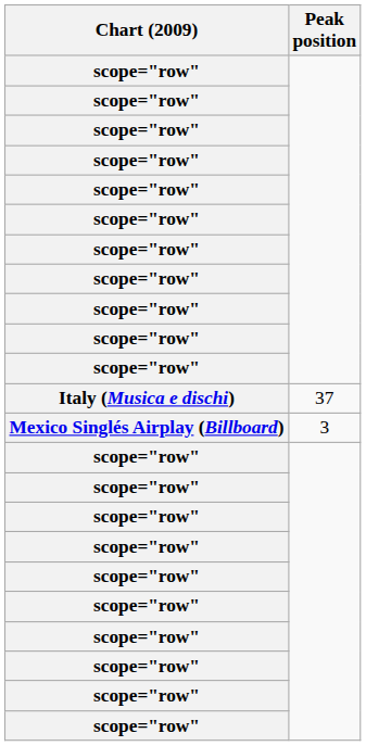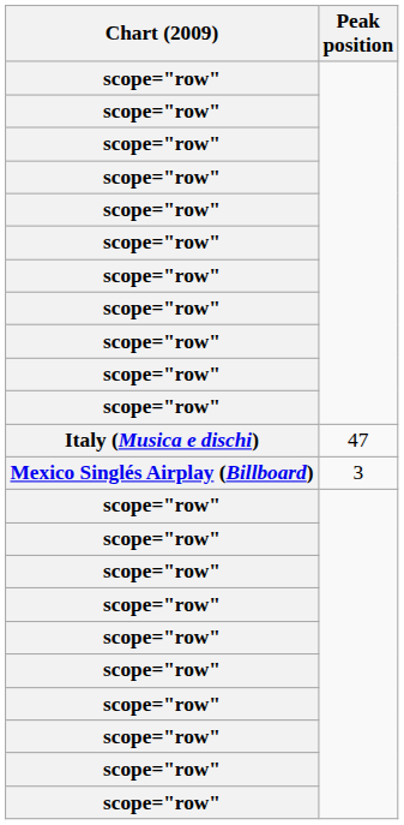 <table class="wikitable sortable plainrowheaders">
 <tr>
 <th scope="col">Chart (2009)</th>
 <th scope="col">Peak<br>position</th>
 </tr>
 <tr>
 <th>scope="row" </th>
 </tr>
 <tr>
 <th>scope="row" </th>
 </tr>
 <tr>
 <th>scope="row" </th>
 </tr>
 <tr>
 <th>scope="row" </th>
 </tr>
 <tr>
 <th>scope="row" </th>
 </tr>
 <tr>
 <th>scope="row" </th>
 </tr>
 <tr>
 <th>scope="row" </th>
 </tr>
 <tr>
 <th>scope="row" </th>
 </tr>
 <tr>
 <th>scope="row" </th>
 </tr>
 <tr>
 <th>scope="row" </th>
 </tr>
 <tr>
 <th>scope="row" </th>
 </tr>
 <tr>
 <th scope="row">Italy (<em><a href='#'>Musica e dischi</a></em>)</th>
-<td style="text-align:center;">37</td>
+<td style="text-align:center;">47</td>
 </tr>
 <tr>
 <th scope="row"><a href='#'>Mexico Singlés Airplay</a> (<em><a href='#'>Billboard</a></em>)</th>
 <td style="text-align:center;">3</td>
 </tr>
 <tr>
 <th>scope="row" </th>
 </tr>
 <tr>
 <th>scope="row" </th>
 </tr>
 <tr>
 <th>scope="row" </th>
 </tr>
 <tr>
 <th>scope="row" </th>
 </tr>
 <tr>
 <th>scope="row" </th>
 </tr>
 <tr>
 <th>scope="row" </th>
 </tr>
 <tr>
 <th>scope="row" </th>
 </tr>
 <tr>
 <th>scope="row" </th>
 </tr>
 <tr>
 <th>scope="row" </th>
 </tr>
 <tr>
 <th>scope="row" </th>
 </tr>
 </table>
